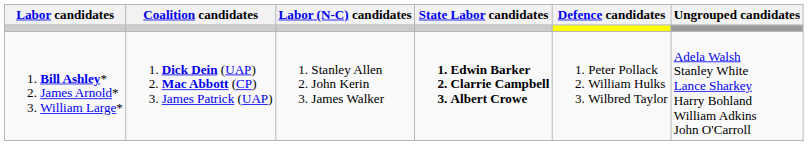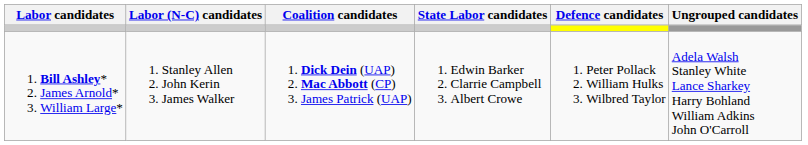 <table class="wikitable">
 <tr>
 <th><a href='#'>Labor</a> candidates</th>
+<th><a href='#'>Labor (N-C)</a> candidates</th>
 <th><a href='#'>Coalition</a> candidates</th>
-<th><a href='#'>Labor (N-C)</a> candidates</th>
 <th><a href='#'>State Labor</a> candidates</th>
 <th><a href='#'>Defence</a> candidates</th>
 <th>Ungrouped candidates</th>
 </tr>
 <tr bgcolor="#cccccc">
 <td></td>
 <td></td>
 <td></td>
 <td></td>
 <td bgcolor="#FFFF00"></td>
 <td bgcolor="#999999"></td>
 </tr>
 <tr>
 <td><br><ol><li><strong><a href='#'>Bill Ashley</a></strong>*</li><li><a href='#'>James Arnold</a>*</li><li><a href='#'>William Large</a>*</li></ol></td>
+<td valign=top><br><ol><li>Stanley Allen</li><li>John Kerin</li><li>James Walker</li></ol></td>
 <td valign=top><br><ol><li><strong><a href='#'>Dick Dein</a></strong> (<a href='#'>UAP</a>)</li><li><strong><a href='#'>Mac Abbott</a></strong> (<a href='#'>CP</a>)</li><li><a href='#'>James Patrick</a> (<a href='#'>UAP</a>)</li></ol></td>
-<td valign=top><br><ol><li>Stanley Allen</li><li>John Kerin</li><li>James Walker</li></ol></td>
-<td valign=top><strong><br><ol><li>Edwin Barker</li><li>Clarrie Campbell</li><li>Albert Crowe</li></ol></strong></td>
+<td valign=top><br><ol><li>Edwin Barker</li><li>Clarrie Campbell</li><li>Albert Crowe</li></ol></td>
 <td valign=top><br><ol><li>Peter Pollack</li><li>William Hulks</li><li>Wilbred Taylor</li></ol></td>
 <td valign=top><br><a href='#'>Adela Walsh</a><br> Stanley White<br> <a href='#'>Lance Sharkey</a><br> Harry Bohland<br> William Adkins<br> John O'Carroll</td>
 </tr>
 </table>
